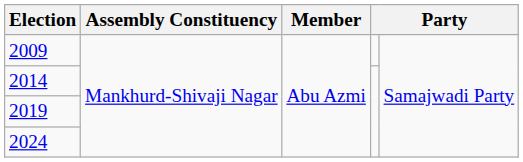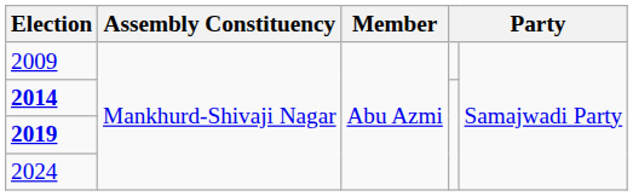 <table class="wikitable" text-align="center">
 <tr>
 <th>Election</th>
 <th>Assembly Constituency</th>
 <th>Member</th>
 <th colspan="2">Party</th>
 </tr>
 <tr>
 <td><a href='#'>2009</a></td>
 <td rowspan=4><a href='#'>Mankhurd-Shivaji Nagar</a></td>
 <td rowspan=4><a href='#'>Abu Azmi</a></td>
 <td style="background-color: "></td>
 <td rowspan=4><a href='#'>Samajwadi Party</a></td>
 </tr>
 <tr>
-<td><a href='#'>2014</a></td>
+<td><strong><a href='#'>2014</a></strong></td>
 </tr>
 <tr>
-<td><a href='#'>2019</a></td>
+<td><strong><a href='#'>2019</a></strong></td>
 </tr>
 <tr>
 <td><a href='#'>2024</a></td>
 </tr>
 </table>
